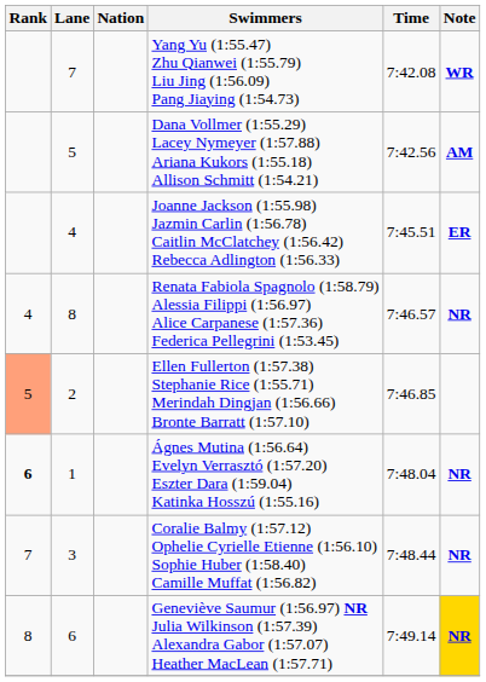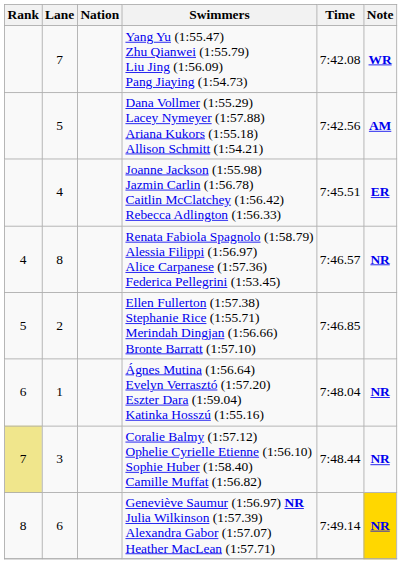 <table class="wikitable sortable" style="text-align:center">
 <tr>
 <th>Rank</th>
 <th>Lane</th>
 <th>Nation</th>
 <th>Swimmers</th>
 <th>Time</th>
 <th>Note</th>
 </tr>
 <tr>
 <td></td>
 <td>7</td>
 <td align=left></td>
 <td align=left><a href='#'>Yang Yu</a> (1:55.47)<br> <a href='#'>Zhu Qianwei</a> (1:55.79)<br> <a href='#'>Liu Jing</a> (1:56.09)<br> <a href='#'>Pang Jiaying</a> (1:54.73)</td>
 <td>7:42.08</td>
 <td><strong><a href='#'>WR</a></strong></td>
 </tr>
 <tr>
 <td></td>
 <td>5</td>
 <td align=left></td>
 <td align=left><a href='#'>Dana Vollmer</a> (1:55.29)<br> <a href='#'>Lacey Nymeyer</a> (1:57.88)<br> <a href='#'>Ariana Kukors</a>  (1:55.18)<br> <a href='#'>Allison Schmitt</a> (1:54.21)</td>
 <td>7:42.56</td>
 <td><strong><a href='#'>AM</a></strong></td>
 </tr>
 <tr>
 <td></td>
 <td>4</td>
 <td align=left></td>
 <td align=left><a href='#'>Joanne Jackson</a> (1:55.98)<br> <a href='#'>Jazmin Carlin</a> (1:56.78)<br> <a href='#'>Caitlin McClatchey</a> (1:56.42)<br> <a href='#'>Rebecca Adlington</a> (1:56.33)</td>
 <td>7:45.51</td>
 <td><strong><a href='#'>ER</a></strong></td>
 </tr>
 <tr>
 <td>4</td>
 <td>8</td>
 <td align=left></td>
 <td align=left><a href='#'>Renata Fabiola Spagnolo</a> (1:58.79) <br> <a href='#'>Alessia Filippi</a> (1:56.97)<br> <a href='#'>Alice Carpanese</a> (1:57.36)<br> <a href='#'>Federica Pellegrini</a> (1:53.45)</td>
 <td>7:46.57</td>
 <td><strong><a href='#'>NR</a></strong></td>
 </tr>
 <tr>
-<td style="background: lightsalmon;">5</td>
+<td>5</td>
 <td>2</td>
 <td align=left></td>
 <td align=left><a href='#'>Ellen Fullerton</a> (1:57.38)<br> <a href='#'>Stephanie Rice</a> (1:55.71)<br> <a href='#'>Merindah Dingjan</a>  (1:56.66)<br> <a href='#'>Bronte Barratt</a> (1:57.10)</td>
 <td>7:46.85</td>
 <td></td>
 </tr>
 <tr>
-<td><strong>6</strong></td>
+<td>6</td>
 <td>1</td>
 <td align=left></td>
 <td align=left><a href='#'>Ágnes Mutina</a> (1:56.64)<br> <a href='#'>Evelyn Verrasztó</a> (1:57.20)<br> <a href='#'>Eszter Dara</a> (1:59.04)<br> <a href='#'>Katinka Hosszú</a> (1:55.16)</td>
 <td>7:48.04</td>
 <td><strong><a href='#'>NR</a></strong></td>
 </tr>
 <tr>
-<td>7</td>
+<td style="background: khaki;">7</td>
 <td>3</td>
 <td align=left></td>
 <td align=left><a href='#'>Coralie Balmy</a> (1:57.12)<br> <a href='#'>Ophelie Cyrielle Etienne</a> (1:56.10)<br> <a href='#'>Sophie Huber</a> (1:58.40)<br> <a href='#'>Camille Muffat</a> (1:56.82)</td>
 <td>7:48.44</td>
 <td><strong><a href='#'>NR</a></strong></td>
 </tr>
 <tr>
 <td>8</td>
 <td>6</td>
 <td align=left></td>
 <td align=left><a href='#'>Geneviève Saumur</a> (1:56.97) <strong><a href='#'>NR</a></strong><br> <a href='#'>Julia Wilkinson</a> (1:57.39)<br> <a href='#'>Alexandra Gabor</a> (1:57.07)<br> <a href='#'>Heather MacLean</a> (1:57.71)</td>
 <td>7:49.14</td>
 <td style="background: gold;"><strong><a href='#'>NR</a></strong></td>
 </tr>
 <tr>
 </tr>
 </table>
